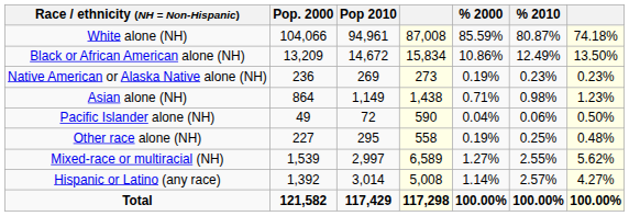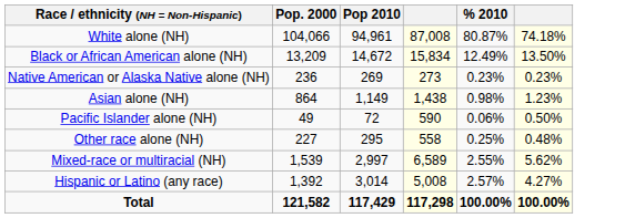 <table class="wikitable" style="text-align:center;">
 <tr>
 <th>Race / ethnicity <small>(<em>NH = Non-Hispanic</em>)</small></th>
 <th>Pop. 2000</th>
 <th>Pop 2010</th>
 <th></th>
-<th>% 2000</th>
 <th>% 2010</th>
 <th></th>
 </tr>
 <tr>
 <td><a href='#'>White</a> alone (NH)</td>
 <td>104,066</td>
 <td>94,961</td>
 <td style='background: #ffffe6;'>87,008</td>
-<td>85.59%</td>
 <td>80.87%</td>
 <td style='background: #ffffe6;'>74.18%</td>
 </tr>
 <tr>
 <td><a href='#'>Black or African American</a> alone (NH)</td>
 <td>13,209</td>
 <td>14,672</td>
 <td style='background: #ffffe6;'>15,834</td>
-<td>10.86%</td>
 <td>12.49%</td>
 <td style='background: #ffffe6;'>13.50%</td>
 </tr>
 <tr>
 <td><a href='#'>Native American</a> or <a href='#'>Alaska Native</a> alone (NH)</td>
 <td>236</td>
 <td>269</td>
 <td style='background: #ffffe6;'>273</td>
-<td>0.19%</td>
 <td>0.23%</td>
 <td style='background: #ffffe6;'>0.23%</td>
 </tr>
 <tr>
 <td><a href='#'>Asian</a> alone (NH)</td>
 <td>864</td>
 <td>1,149</td>
 <td style='background: #ffffe6;'>1,438</td>
-<td>0.71%</td>
 <td>0.98%</td>
 <td style='background: #ffffe6;'>1.23%</td>
 </tr>
 <tr>
 <td><a href='#'>Pacific Islander</a> alone (NH)</td>
 <td>49</td>
 <td>72</td>
 <td style='background: #ffffe6;'>590</td>
-<td>0.04%</td>
 <td>0.06%</td>
 <td style='background: #ffffe6;'>0.50%</td>
 </tr>
 <tr>
 <td><a href='#'>Other race</a> alone (NH)</td>
 <td>227</td>
 <td>295</td>
 <td style='background: #ffffe6;'>558</td>
-<td>0.19%</td>
 <td>0.25%</td>
 <td style='background: #ffffe6;'>0.48%</td>
 </tr>
 <tr>
 <td><a href='#'>Mixed-race or multiracial</a> (NH)</td>
 <td>1,539</td>
 <td>2,997</td>
 <td style='background: #ffffe6;'>6,589</td>
-<td>1.27%</td>
 <td>2.55%</td>
 <td style='background: #ffffe6;'>5.62%</td>
 </tr>
 <tr>
 <td><a href='#'>Hispanic or Latino</a> (any race)</td>
 <td>1,392</td>
 <td>3,014</td>
 <td style='background: #ffffe6;'>5,008</td>
-<td>1.14%</td>
 <td>2.57%</td>
 <td style='background: #ffffe6;'>4.27%</td>
 </tr>
 <tr>
 <td><strong>Total</strong></td>
 <td><strong>121,582</strong></td>
 <td><strong>117,429</strong></td>
 <td style='background: #ffffe6;'><strong>117,298</strong></td>
 <td><strong>100.00%</strong></td>
-<td><strong>100.00%</strong></td>
 <td style='background: #ffffe6;'><strong>100.00%</strong></td>
 </tr>
 </table>
